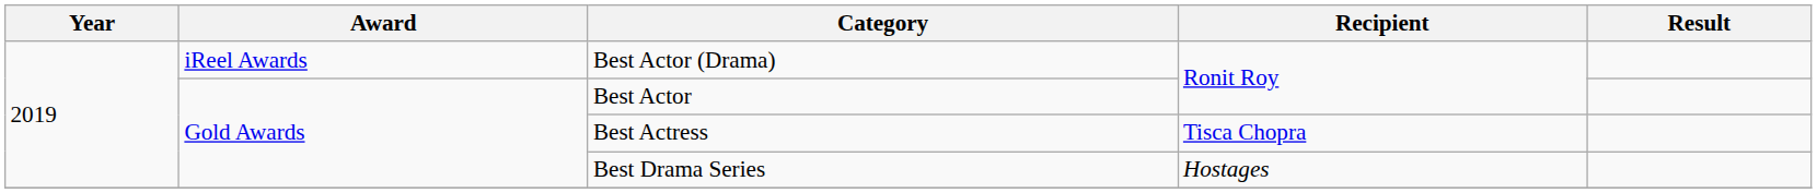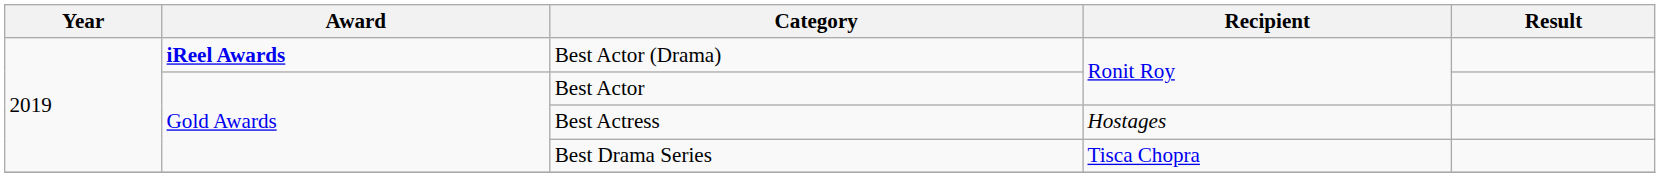 <table class="wikitable sortable" style="width: 99%;">
 <tr>
 <th>Year</th>
 <th>Award</th>
 <th>Category</th>
 <th>Recipient</th>
 <th>Result</th>
 </tr>
 <tr>
 <td rowspan="4">2019</td>
-<td rowspan="1"><a href='#'>iReel Awards</a></td>
+<td rowspan="1"><strong><a href='#'>iReel Awards</a></strong></td>
 <td>Best Actor (Drama)</td>
 <td rowspan="2"><a href='#'>Ronit Roy</a></td>
 <td></td>
 </tr>
 <tr>
 <td rowspan="3"><a href='#'>Gold Awards</a></td>
 <td>Best Actor</td>
 <td></td>
 </tr>
 <tr>
 <td>Best Actress</td>
-<td><a href='#'>Tisca Chopra</a></td>
+<td><em>Hostages</em></td>
 <td></td>
 </tr>
 <tr>
 <td>Best Drama Series</td>
-<td><em>Hostages</em></td>
+<td><a href='#'>Tisca Chopra</a></td>
 <td></td>
 </tr>
 <tr>
 </tr>
 </table>
